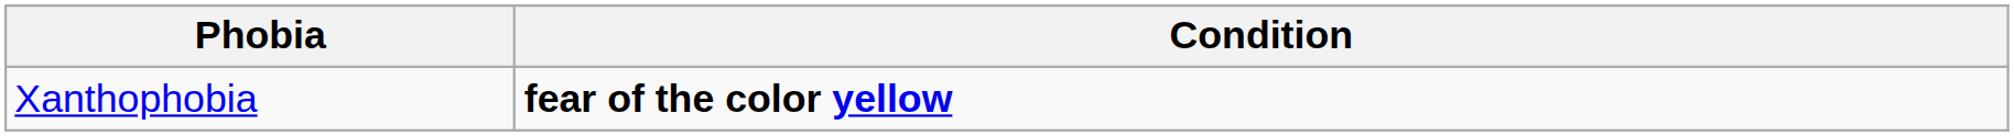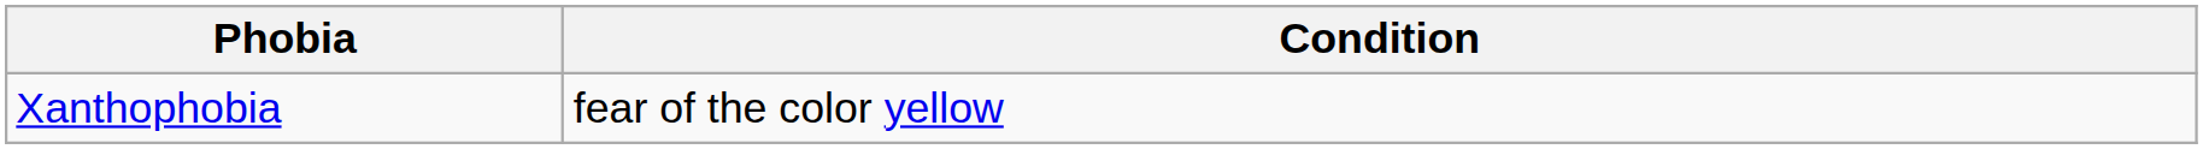 <table class="wikitable sortable" border="1">
 <tr>
 <th width="200px">Phobia</th>
 <th width="600px">Condition</th>
 </tr>
 <tr>
 <td><a href='#'>Xanthophobia</a></td>
-<td><strong>fear of the color <a href='#'>yellow</a></strong></td>
+<td>fear of the color <a href='#'>yellow</a></td>
 </tr>
 </table>
